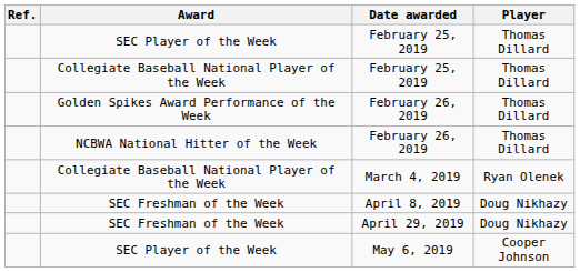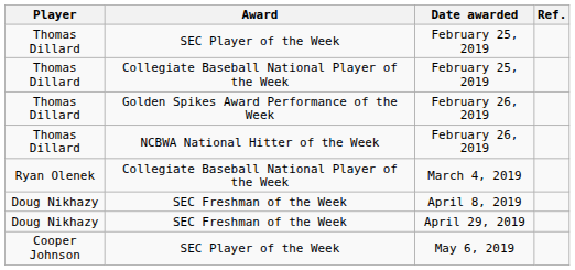 <table class="wikitable sortable sortable" style="text-align: center">
 <tr align=center>
-<th>Ref.</th>
+<th>Player</th>
 <th>Award</th>
 <th>Date awarded</th>
-<th>Player</th>
+<th>Ref.</th>
 </tr>
 <tr>
-<td rowspan="1"></td>
+<td>Thomas Dillard</td>
 <td rowspan="1">SEC Player of the Week</td>
 <td rowspan="1">February 25, 2019</td>
-<td>Thomas Dillard</td>
+<td rowspan="1"></td>
 </tr>
 <tr>
-<td rowspan="1"></td>
+<td>Thomas Dillard</td>
 <td rowspan="1">Collegiate Baseball National Player of the Week</td>
 <td rowspan="1">February 25, 2019</td>
-<td>Thomas Dillard</td>
+<td rowspan="1"></td>
 </tr>
 <tr>
-<td rowspan="1"></td>
+<td>Thomas Dillard</td>
 <td rowspan="1">Golden Spikes Award Performance of the Week</td>
 <td rowspan="1">February 26, 2019</td>
-<td>Thomas Dillard</td>
+<td rowspan="1"></td>
 </tr>
 <tr>
-<td rowspan="1"></td>
+<td>Thomas Dillard</td>
 <td rowspan="1">NCBWA National Hitter of the Week</td>
 <td rowspan="1">February 26, 2019</td>
-<td>Thomas Dillard</td>
+<td rowspan="1"></td>
 </tr>
 <tr>
-<td rowspan="1"></td>
+<td>Ryan Olenek</td>
 <td rowspan="1">Collegiate Baseball National Player of the Week</td>
 <td rowspan="1">March 4, 2019</td>
-<td>Ryan Olenek</td>
+<td rowspan="1"></td>
 </tr>
 <tr>
-<td rowspan="1"></td>
+<td>Doug Nikhazy</td>
 <td rowspan="1">SEC Freshman of the Week</td>
 <td rowspan="1">April 8, 2019</td>
-<td>Doug Nikhazy</td>
+<td rowspan="1"></td>
 </tr>
 <tr>
-<td rowspan="1"></td>
+<td>Doug Nikhazy</td>
 <td rowspan="1">SEC Freshman of the Week</td>
 <td rowspan="1">April 29, 2019</td>
-<td>Doug Nikhazy</td>
+<td rowspan="1"></td>
 </tr>
 <tr>
-<td rowspan="1"></td>
+<td>Cooper Johnson</td>
 <td rowspan="1">SEC Player of the Week</td>
 <td rowspan="1">May 6, 2019</td>
-<td>Cooper Johnson</td>
+<td rowspan="1"></td>
 </tr>
 </table>
